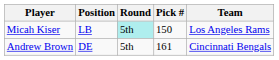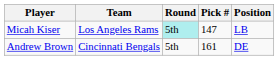 <table class="wikitable">
 <tr>
 <th>Player</th>
-<th>Position</th>
+<th>Team</th>
 <th>Round</th>
 <th>Pick #</th>
-<th>Team</th>
+<th>Position</th>
 </tr>
 <tr>
 <td><a href='#'>Micah Kiser</a></td>
+<td><a href='#'>Los Angeles Rams</a></td>
+<td style="background: paleturquoise;">5th</td>
+<td>147</td>
 <td><a href='#'>LB</a></td>
-<td style="background: paleturquoise;">5th</td>
-<td>150</td>
-<td><a href='#'>Los Angeles Rams</a></td>
 </tr>
 <tr>
 <td><a href='#'>Andrew Brown</a></td>
-<td><a href='#'>DE</a></td>
+<td><a href='#'>Cincinnati Bengals</a></td>
 <td>5th</td>
 <td>161</td>
-<td><a href='#'>Cincinnati Bengals</a></td>
+<td><a href='#'>DE</a></td>
 </tr>
 </table>
